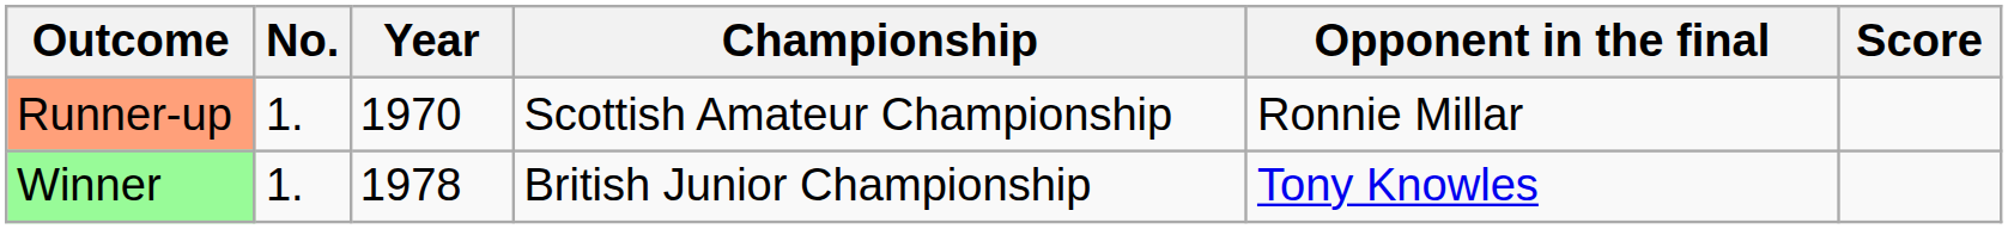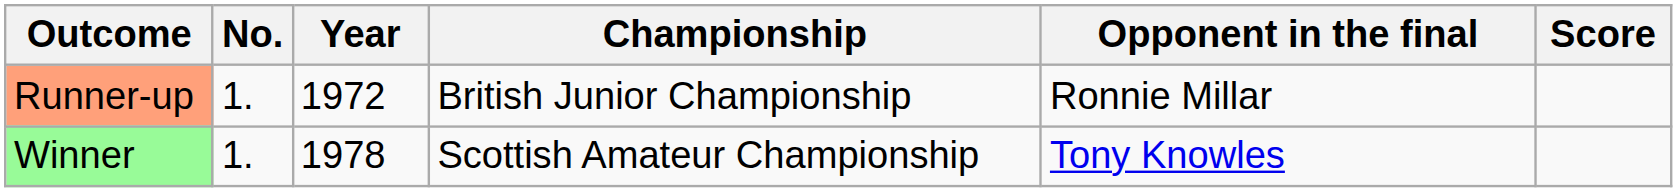 <table class="wikitable sortable">
 <tr>
 <th scope="col" style="width:80px;">Outcome</th>
 <th scope="col" style="width:20px;">No.</th>
 <th scope="col" style="width:50px;">Year</th>
 <th scope="col" style="width:250px;">Championship</th>
 <th scope="col" style="width:200px;">Opponent in the final</th>
 <th scope="col" style="width:50px;">Score</th>
 </tr>
 <tr>
 <td style="background:#ffa07a">Runner-up</td>
 <td>1.</td>
-<td>1970</td>
-<td>Scottish Amateur Championship</td>
+<td>1972</td>
+<td>British Junior Championship</td>
 <td>Ronnie Millar</td>
 <td align="center"></td>
 </tr>
 <tr>
 <td style="background:#98FB98">Winner</td>
 <td>1.</td>
 <td>1978</td>
-<td>British Junior Championship</td>
+<td>Scottish Amateur Championship</td>
 <td><a href='#'>Tony Knowles</a></td>
 <td align="center"></td>
 </tr>
 </table>
